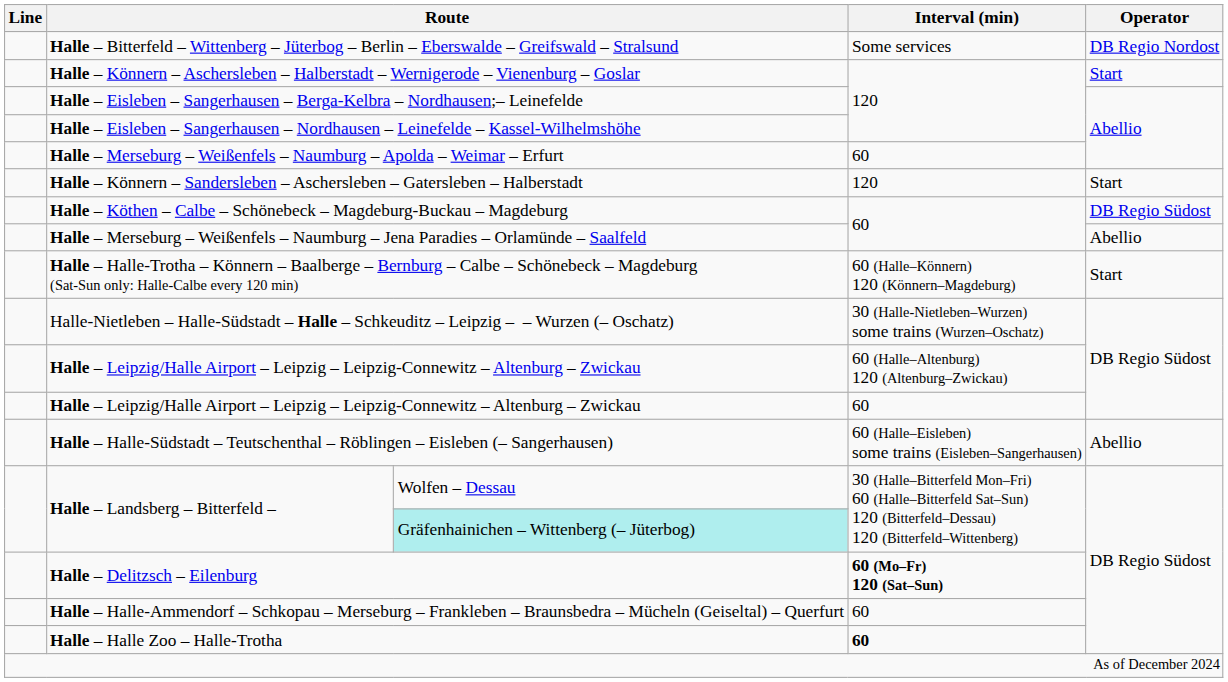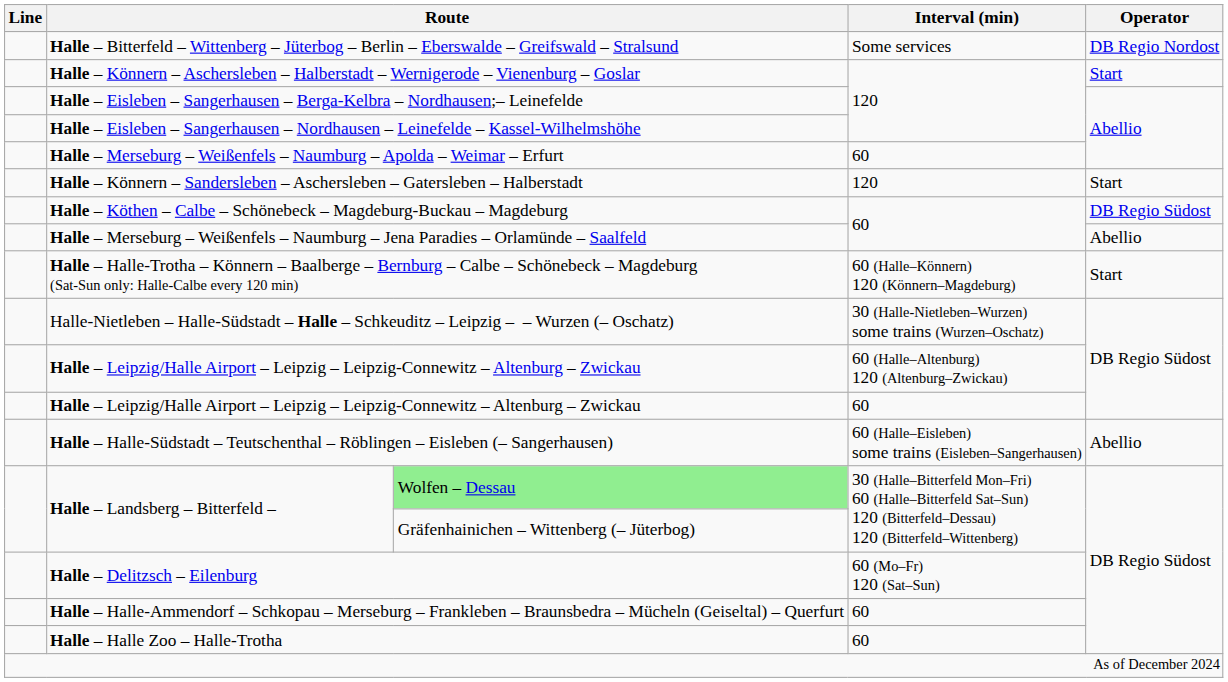 <table class="wikitable">
 <tr>
 <th>Line</th>
 <th colspan="2">Route</th>
 <th>Interval (min)</th>
 <th>Operator</th>
 </tr>
 <tr>
 <td align="center"></td>
 <td colspan="2"><strong>Halle</strong> – Bitterfeld – <a href='#'>Wittenberg</a> – <a href='#'>Jüterbog</a> – Berlin – <a href='#'>Eberswalde</a> – <a href='#'>Greifswald</a> – <a href='#'>Stralsund</a></td>
 <td>Some services</td>
 <td><a href='#'>DB Regio Nordost</a></td>
 </tr>
 <tr>
 <td align="center"></td>
 <td colspan="2"><strong>Halle</strong> – <a href='#'>Könnern</a> – <a href='#'>Aschersleben</a> – <a href='#'>Halberstadt</a> – <a href='#'>Wernigerode</a> – <a href='#'>Vienenburg</a> – <a href='#'>Goslar</a></td>
 <td rowspan=3>120</td>
 <td><a href='#'>Start</a></td>
 </tr>
 <tr>
 <td align="center"></td>
 <td colspan="2"><strong>Halle</strong> – <a href='#'>Eisleben</a> – <a href='#'>Sangerhausen</a> – <a href='#'>Berga-Kelbra</a> – <a href='#'>Nordhausen</a>;– Leinefelde</td>
 <td rowspan=3><a href='#'>Abellio</a></td>
 </tr>
 <tr>
 <td align="center"></td>
 <td colspan="2"><strong>Halle</strong> – <a href='#'>Eisleben</a> – <a href='#'>Sangerhausen</a> – <a href='#'>Nordhausen</a> – <a href='#'>Leinefelde</a> – <a href='#'>Kassel-Wilhelmshöhe</a></td>
 </tr>
 <tr>
 <td align="center"></td>
 <td colspan="2"><strong>Halle</strong> – <a href='#'>Merseburg</a> – <a href='#'>Weißenfels</a> – <a href='#'>Naumburg</a> – <a href='#'>Apolda</a> – <a href='#'>Weimar</a> – Erfurt</td>
 <td>60</td>
 </tr>
 <tr>
 <td align="center"></td>
 <td colspan="2"><strong>Halle</strong> – Könnern – <a href='#'>Sandersleben</a> – Aschersleben – Gatersleben – Halberstadt</td>
 <td>120</td>
 <td>Start</td>
 </tr>
 <tr>
 <td align="center"></td>
 <td colspan="2"><strong>Halle</strong> – <a href='#'>Köthen</a> – <a href='#'>Calbe</a> – Schönebeck – Magdeburg-Buckau – Magdeburg</td>
 <td rowspan=2>60</td>
 <td><a href='#'>DB Regio Südost</a></td>
 </tr>
 <tr>
 <td align="center"></td>
 <td colspan="2"><strong>Halle</strong> – Merseburg – Weißenfels – Naumburg – Jena Paradies – Orlamünde – <a href='#'>Saalfeld</a></td>
 <td>Abellio</td>
 </tr>
 <tr>
 <td align="center"></td>
 <td colspan="2"><strong>Halle</strong> – Halle-Trotha – Könnern – Baalberge – <a href='#'>Bernburg</a> – Calbe – Schönebeck – Magdeburg<br><small>(Sat-Sun only: Halle-Calbe every 120 min)</small></td>
 <td>60 <small>(Halle–Könnern)</small><br>120 <small>(Könnern–Magdeburg)</small></td>
 <td>Start</td>
 </tr>
 <tr>
 <td align="center"></td>
 <td colspan="2">Halle-Nietleben – Halle-Südstadt – <strong>Halle</strong> – Schkeuditz – Leipzig –  – Wurzen (– Oschatz)</td>
 <td>30 <small>(Halle-Nietleben–Wurzen)</small><br>some trains <small>(Wurzen–Oschatz)</small></td>
 <td rowspan="3">DB Regio Südost</td>
 </tr>
 <tr>
 <td align="center"></td>
 <td colspan="2"><strong>Halle</strong> – <a href='#'>Leipzig/Halle Airport</a> – Leipzig – Leipzig-Connewitz – <a href='#'>Altenburg</a> – <a href='#'>Zwickau</a></td>
 <td>60 <small>(Halle–Altenburg)</small><br>120 <small>(Altenburg–Zwickau)</small></td>
 </tr>
 <tr>
 <td align="center"></td>
 <td colspan="2"><strong>Halle</strong> – Leipzig/Halle Airport – Leipzig – Leipzig-Connewitz – Altenburg – Zwickau</td>
 <td>60</td>
 </tr>
 <tr>
 <td align="center"></td>
 <td colspan="2"><strong>Halle</strong> – Halle-Südstadt – Teutschenthal – Röblingen – Eisleben (– Sangerhausen)</td>
 <td>60 <small>(Halle–Eisleben)</small><br>some trains <small>(Eisleben–Sangerhausen)</small></td>
 <td>Abellio</td>
 </tr>
 <tr>
 <td align="center" rowspan="2"></td>
 <td rowspan="2" colspan="1"><strong>Halle</strong> – Landsberg – Bitterfeld –</td>
-<td>Wolfen – <a href='#'>Dessau</a></td>
+<td style="background: lightgreen;">Wolfen – <a href='#'>Dessau</a></td>
 <td rowspan="2" colspan="1">30 <small>(Halle–Bitterfeld Mon–Fri)</small><br>60 <small>(Halle–Bitterfeld Sat–Sun)</small><br>120 <small>(Bitterfeld–Dessau)</small><br>120 <small>(Bitterfeld–Wittenberg)</small></td>
 <td rowspan="5">DB Regio Südost</td>
 </tr>
 <tr>
-<td style="background: paleturquoise;">Gräfenhainichen – Wittenberg (– Jüterbog)</td>
+<td>Gräfenhainichen – Wittenberg (– Jüterbog)</td>
 </tr>
 <tr>
 <td align="center"></td>
 <td colspan="2"><strong>Halle</strong> – <a href='#'>Delitzsch</a> – <a href='#'>Eilenburg</a></td>
-<td><strong>60 <small>(Mo–Fr)</small><br>120 <small>(Sat–Sun)</small></strong></td>
+<td>60 <small>(Mo–Fr)</small><br>120 <small>(Sat–Sun)</small></td>
 </tr>
 <tr>
 <td align="center"></td>
 <td colspan="2"><strong>Halle</strong> – Halle-Ammendorf – Schkopau – Merseburg – Frankleben – Braunsbedra – Mücheln (Geiseltal) – Querfurt</td>
 <td>60</td>
 </tr>
 <tr>
 <td align="center"></td>
 <td colspan="2"><strong>Halle</strong> – Halle Zoo – Halle-Trotha</td>
-<td><strong>60</strong></td>
+<td>60</td>
 </tr>
 <tr>
 <td colspan="5" style="text-align:right; font-size:smaller;">As of December 2024</td>
 </tr>
 </table>
